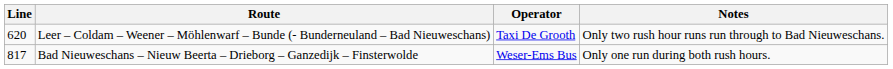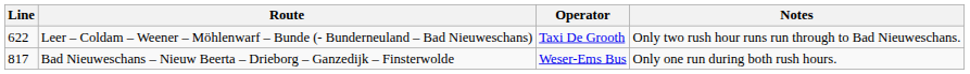 <table class="wikitable">
 <tr>
 <th>Line</th>
 <th>Route</th>
 <th>Operator</th>
 <th>Notes</th>
 </tr>
 <tr>
-<td>620</td>
+<td>622</td>
 <td>Leer – Coldam – Weener – Möhlenwarf – Bunde (- Bunderneuland – Bad Nieuweschans)</td>
 <td><a href='#'>Taxi De Grooth</a></td>
 <td>Only two rush hour runs run through to Bad Nieuweschans.</td>
 </tr>
 <tr>
 <td>817</td>
 <td>Bad Nieuweschans – Nieuw Beerta – Drieborg – Ganzedijk – Finsterwolde</td>
 <td><a href='#'>Weser-Ems Bus</a></td>
 <td>Only one run during both rush hours.</td>
 </tr>
 </table>
